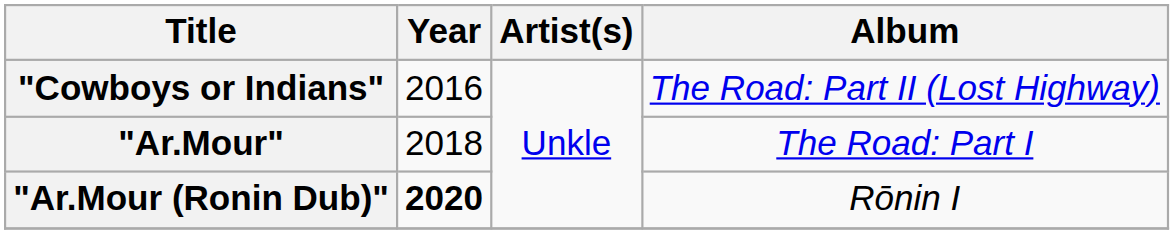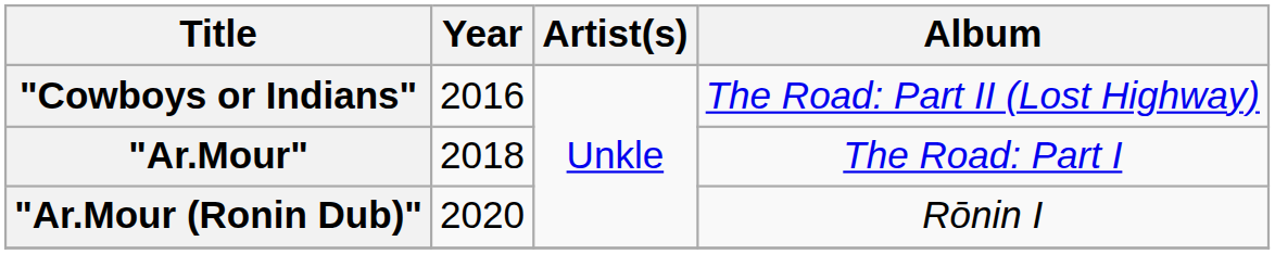 <table class="wikitable plainrowheaders" style="text-align:center;">
 <tr>
 <th scope="col">Title</th>
 <th scope="col">Year</th>
 <th scope="col">Artist(s)</th>
 <th scope="col">Album</th>
 </tr>
 <tr>
 <th scope="row">"Cowboys or Indians"<br></th>
 <td rowspan="1">2016</td>
 <td rowspan="3"><a href='#'>Unkle</a></td>
 <td><em><a href='#'>The Road: Part II (Lost Highway)</a></em></td>
 </tr>
 <tr>
 <th scope="row">"Ar.Mour"<br></th>
 <td rowspan="1">2018</td>
 <td rowspan="1"><em><a href='#'>The Road: Part I</a></em></td>
 </tr>
 <tr>
 <th scope="row">"Ar.Mour (Ronin Dub)"<br></th>
-<td rowspan="1"><strong>2020</strong></td>
+<td rowspan="1">2020</td>
 <td rowspan="1"><em>Rōnin I</em></td>
 </tr>
 <tr>
 </tr>
 </table>
